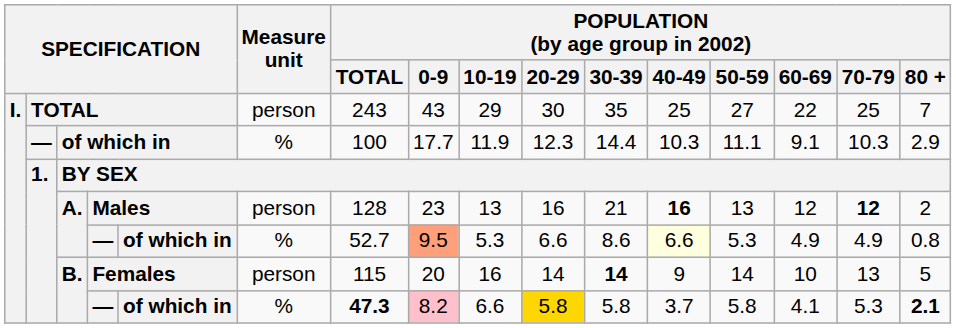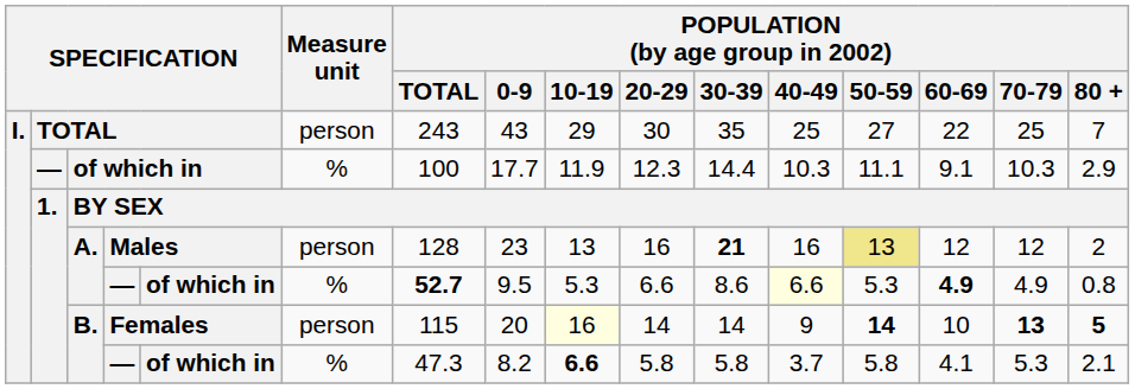 <table class="wikitable" style="font-size:85%; text-align:center">
 <tr>
 <th rowspan="2" colspan="5">SPECIFICATION</th>
 <th rowspan="2">Measure<br> unit</th>
 <th colspan="10" rowspan="1">POPULATION<br> (by age group in 2002)</th>
 </tr>
 <tr>
 <th>TOTAL</th>
 <th>0-9</th>
 <th>10-19</th>
 <th>20-29</th>
 <th>30-39</th>
 <th>40-49</th>
 <th>50-59</th>
 <th>60-69</th>
 <th>70-79</th>
 <th>80 +</th>
 </tr>
 <tr>
 <th style="text-align:left" valign="top" rowspan="7">I.</th>
 <th style="text-align:left" colspan="4">TOTAL</th>
 <td>person</td>
 <td>243</td>
 <td>43</td>
 <td>29</td>
 <td>30</td>
 <td>35</td>
 <td>25</td>
 <td>27</td>
 <td>22</td>
 <td>25</td>
 <td>7</td>
 </tr>
 <tr>
 <th style="text-align:left" valign="top">—</th>
 <th style="text-align:left" colspan="3">of which in</th>
 <td>%</td>
 <td>100</td>
 <td>17.7</td>
 <td>11.9</td>
 <td>12.3</td>
 <td>14.4</td>
 <td>10.3</td>
 <td>11.1</td>
 <td>9.1</td>
 <td>10.3</td>
 <td>2.9</td>
 </tr>
 <tr>
 <th style="text-align:left" valign="top" rowspan="5">1.</th>
 <th style="text-align:left" colspan="14">BY SEX</th>
 </tr>
 <tr>
 <th style="text-align:left" valign="top" rowspan="2">A.</th>
 <th style="text-align:left" colspan="2">Males</th>
 <td>person</td>
 <td>128</td>
 <td>23</td>
 <td>13</td>
 <td>16</td>
-<td>21</td>
-<td><strong>16</strong></td>
-<td>13</td>
+<td><strong>21</strong></td>
+<td>16</td>
+<td style="background: khaki;">13</td>
 <td>12</td>
-<td><strong>12</strong></td>
+<td>12</td>
 <td>2</td>
 </tr>
 <tr>
 <th style="text-align:left" valign="top">—</th>
 <th style="text-align:left" colspan="1">of which in</th>
 <td>%</td>
-<td>52.7</td>
-<td style="background: lightsalmon;">9.5</td>
+<td><strong>52.7</strong></td>
+<td>9.5</td>
 <td>5.3</td>
 <td>6.6</td>
 <td>8.6</td>
 <td style="background: lightyellow;">6.6</td>
 <td>5.3</td>
-<td>4.9</td>
+<td><strong>4.9</strong></td>
 <td>4.9</td>
 <td>0.8</td>
 </tr>
 <tr>
 <th style="text-align:left" valign="top" rowspan="2">B.</th>
 <th style="text-align:left" colspan="2">Females</th>
 <td>person</td>
 <td>115</td>
 <td>20</td>
-<td>16</td>
+<td style="background: lightyellow;">16</td>
 <td>14</td>
+<td>14</td>
+<td>9</td>
 <td><strong>14</strong></td>
-<td>9</td>
-<td>14</td>
 <td>10</td>
-<td>13</td>
-<td>5</td>
+<td><strong>13</strong></td>
+<td><strong>5</strong></td>
 </tr>
 <tr>
 <th style="text-align:left" valign="top">—</th>
 <th style="text-align:left" colspan="1">of which in</th>
 <td>%</td>
-<td><strong>47.3</strong></td>
-<td style="background: pink;">8.2</td>
-<td>6.6</td>
-<td style="background: gold;">5.8</td>
+<td>47.3</td>
+<td>8.2</td>
+<td><strong>6.6</strong></td>
+<td>5.8</td>
 <td>5.8</td>
 <td>3.7</td>
 <td>5.8</td>
 <td>4.1</td>
 <td>5.3</td>
-<td><strong>2.1</strong></td>
+<td>2.1</td>
 </tr>
 </table>
